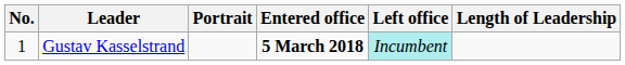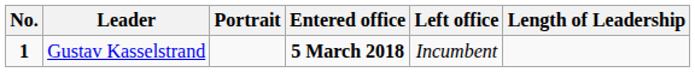 <table class="wikitable" style="text-align: center;">
 <tr>
 <th>No.</th>
 <th>Leader</th>
 <th>Portrait</th>
 <th>Entered office</th>
 <th>Left office</th>
 <th>Length of Leadership</th>
 </tr>
 <tr>
-<td>1</td>
+<td><strong>1</strong></td>
 <td><a href='#'>Gustav Kasselstrand</a></td>
 <td></td>
 <td><strong>5 March 2018</strong></td>
-<td style="background: paleturquoise;"><em>Incumbent</em></td>
+<td><em>Incumbent</em></td>
 <td></td>
 </tr>
 <tr>
 </tr>
 </table>
